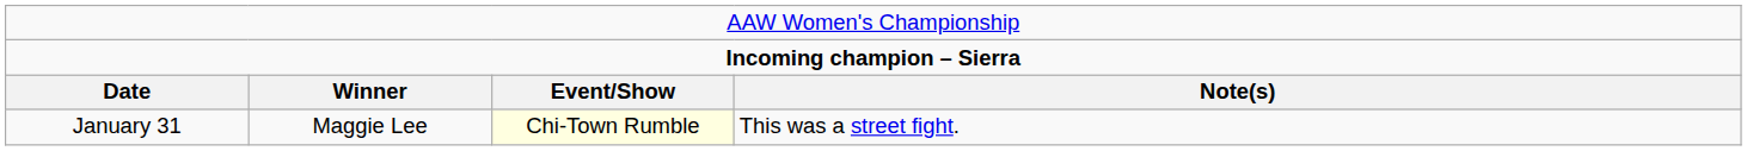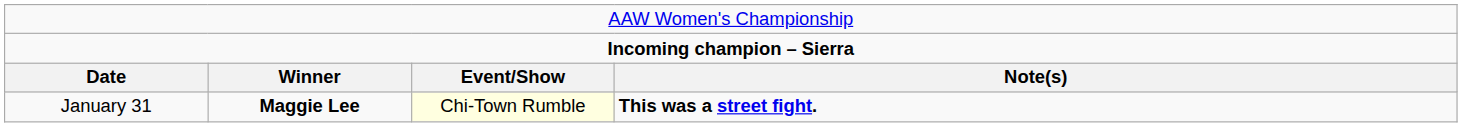 <table class="wikitable" style="text-align:center; width:100%;">
 <tr>
 <td colspan="4" style="text-align: center;"><a href='#'>AAW Women's Championship</a></td>
 </tr>
 <tr>
 <td colspan="4" style="text-align: center;"><strong>Incoming champion – Sierra</strong></td>
 </tr>
 <tr>
 <th width="14%">Date</th>
 <th width="14%">Winner</th>
 <th width="14%">Event/Show</th>
 <th width="58%">Note(s)</th>
 </tr>
 <tr>
 <td>January 31</td>
-<td>Maggie Lee</td>
+<td><strong>Maggie Lee</strong></td>
 <td style="background: lightyellow;">Chi-Town Rumble</td>
-<td align=left>This was a <a href='#'>street fight</a>.</td>
+<td align=left><strong>This was a <a href='#'>street fight</a>.</strong></td>
 </tr>
 </table>
